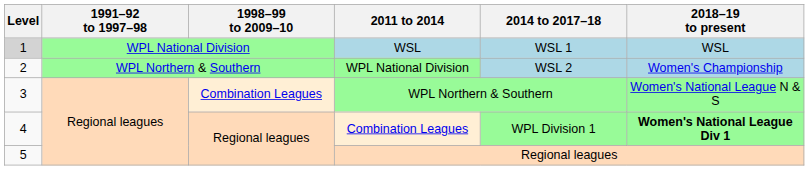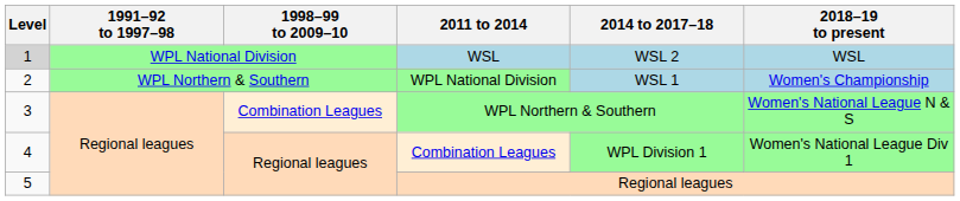 <table class="wikitable" style="text-align: center">
 <tr>
 <th>Level</th>
 <th width=180>1991–92<br>to 1997–98</th>
 <th width=180>1998–99<br>to 2009–10</th>
 <th width=180>2011 to 2014</th>
 <th width=180>2014 to 2017–18</th>
 <th width=220>2018–19<br>to present</th>
 </tr>
 <tr>
 <td style="background: lightgrey;">1</td>
 <td colspan="2" style="background-color: PaleGreen"><a href='#'>WPL National Division</a></td>
 <td style="background-color: LightBlue">WSL</td>
-<td style="background-color: LightBlue">WSL 1</td>
+<td style="background-color: LightBlue">WSL 2</td>
 <td style="background-color: LightBlue">WSL</td>
 </tr>
 <tr>
 <td>2</td>
 <td colspan="2" style="background-color: PaleGreen"><a href='#'>WPL Northern</a> & <a href='#'>Southern</a></td>
 <td style="background-color: PaleGreen">WPL National Division</td>
-<td style="background-color: LightBlue">WSL 2</td>
+<td style="background-color: LightBlue">WSL 1</td>
 <td style="background-color: LightBlue"><a href='#'>Women's Championship</a></td>
 </tr>
 <tr>
 <td>3</td>
 <td rowspan="3" style="background-color: PeachPuff">Regional leagues <br> </td>
 <td style="background-color: PapayaWhip"><a href='#'>Combination Leagues</a></td>
 <td colspan="2" style="background-color: PaleGreen">WPL Northern & Southern</td>
 <td style="background-color: PaleGreen"><a href='#'>Women's National League</a> N & S</td>
 </tr>
 <tr>
 <td>4</td>
 <td rowspan="2" style="background-color: PeachPuff">Regional leagues</td>
 <td style="background-color: PapayaWhip"><a href='#'>Combination Leagues</a></td>
 <td style="background-color: PaleGreen">WPL Division 1</td>
-<td style="background-color: PaleGreen"><strong>Women's National League Div 1</strong></td>
+<td style="background-color: PaleGreen">Women's National League Div 1</td>
 </tr>
 <tr>
 <td>5</td>
 <td colspan="3" style="background-color: PeachPuff">Regional leagues</td>
 </tr>
 </table>
